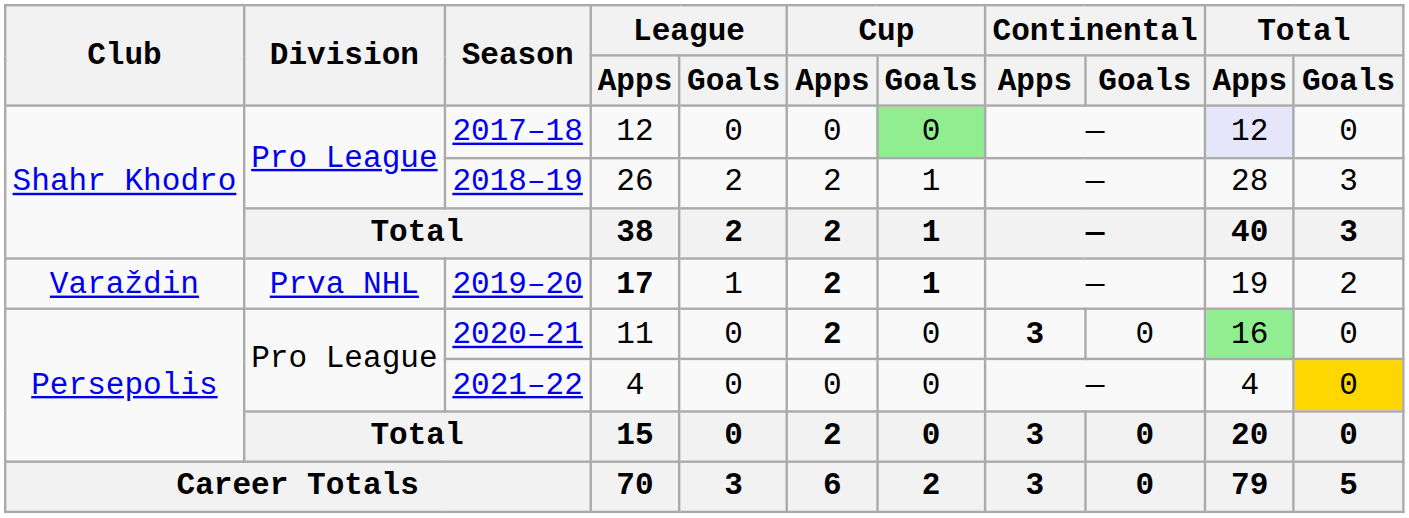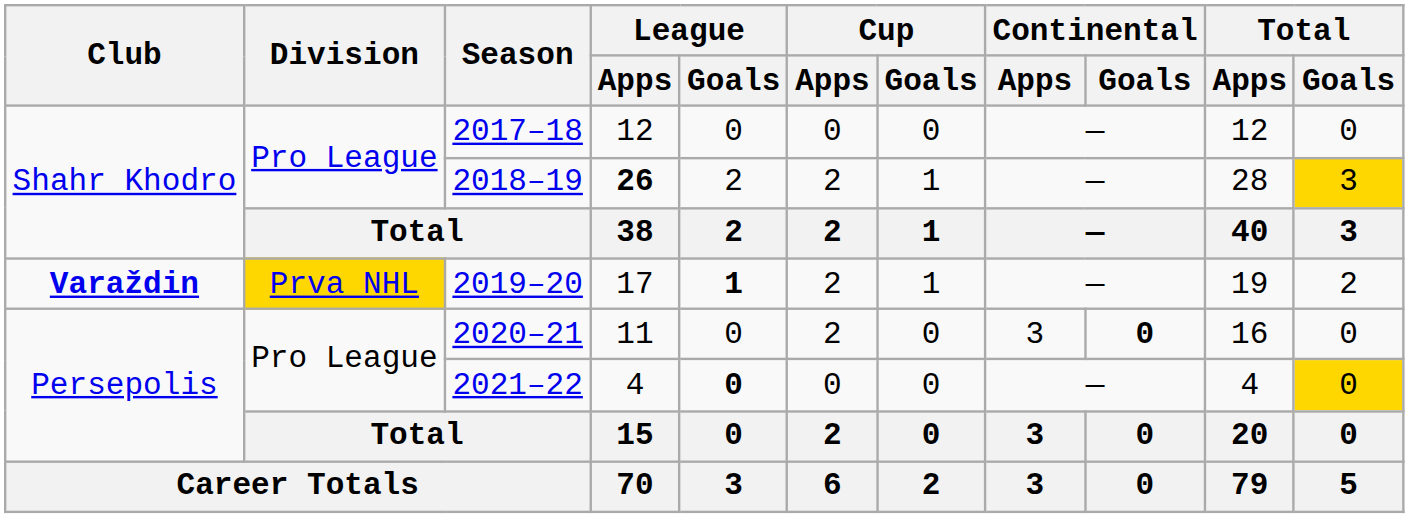 <table class="wikitable" style="text-align: center;">
 <tr>
 <th rowspan="2">Club</th>
 <th rowspan="2">Division</th>
 <th rowspan="2">Season</th>
 <th colspan="2">League</th>
 <th colspan="2">Cup</th>
 <th colspan="2">Continental</th>
 <th colspan="2">Total</th>
 </tr>
 <tr>
 <th>Apps</th>
 <th>Goals</th>
 <th>Apps</th>
 <th>Goals</th>
 <th>Apps</th>
 <th>Goals</th>
 <th>Apps</th>
 <th>Goals</th>
 </tr>
 <tr>
 <td rowspan="3"><a href='#'>Shahr Khodro</a></td>
 <td rowspan="2"><a href='#'>Pro League</a></td>
 <td><a href='#'>2017–18</a></td>
 <td>12</td>
 <td>0</td>
 <td>0</td>
-<td style="background: lightgreen;">0</td>
+<td>0</td>
 <td colspan=2>—</td>
-<td style="background: lavender;">12</td>
+<td>12</td>
 <td>0</td>
 </tr>
 <tr>
 <td><a href='#'>2018–19</a></td>
-<td>26</td>
+<td><strong>26</strong></td>
 <td>2</td>
 <td>2</td>
 <td>1</td>
 <td colspan=2>—</td>
 <td>28</td>
-<td>3</td>
+<td style="background: gold;">3</td>
 </tr>
 <tr>
 <th colspan=2>Total</th>
 <th>38</th>
 <th>2</th>
 <th>2</th>
 <th>1</th>
 <th colspan=2>—</th>
 <th>40</th>
 <th>3</th>
 </tr>
 <tr>
-<td><a href='#'>Varaždin</a></td>
-<td><a href='#'>Prva NHL</a></td>
+<td><strong><a href='#'>Varaždin</a></strong></td>
+<td style="background: gold;"><a href='#'>Prva NHL</a></td>
 <td><a href='#'>2019–20</a></td>
-<td><strong>17</strong></td>
+<td>17</td>
+<td><strong>1</strong></td>
+<td>2</td>
 <td>1</td>
-<td><strong>2</strong></td>
-<td><strong>1</strong></td>
 <td colspan=2>—</td>
 <td>19</td>
 <td>2</td>
 </tr>
 <tr>
 <td rowspan="3"><a href='#'>Persepolis</a></td>
 <td rowspan="2">Pro League</td>
 <td><a href='#'>2020–21</a></td>
 <td>11</td>
 <td>0</td>
-<td><strong>2</strong></td>
+<td>2</td>
 <td>0</td>
-<td><strong>3</strong></td>
-<td>0</td>
-<td style="background: lightgreen;">16</td>
+<td>3</td>
+<td><strong>0</strong></td>
+<td>16</td>
 <td>0</td>
 </tr>
 <tr>
 <td><a href='#'>2021–22</a></td>
 <td>4</td>
-<td>0</td>
+<td><strong>0</strong></td>
 <td>0</td>
 <td>0</td>
 <td colspan=2>—</td>
 <td>4</td>
 <td style="background: gold;">0</td>
 </tr>
 <tr>
 <th colspan=2>Total</th>
 <th>15</th>
 <th>0</th>
 <th>2</th>
 <th>0</th>
 <th>3</th>
 <th>0</th>
 <th>20</th>
 <th>0</th>
 </tr>
 <tr>
 <th colspan=3>Career Totals</th>
 <th>70</th>
 <th>3</th>
 <th>6</th>
 <th>2</th>
 <th>3</th>
 <th>0</th>
 <th>79</th>
 <th>5</th>
 </tr>
 </table>
